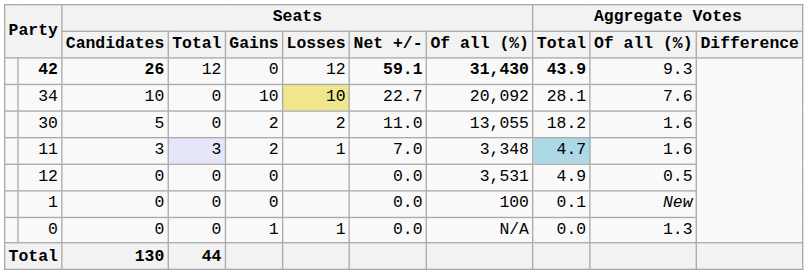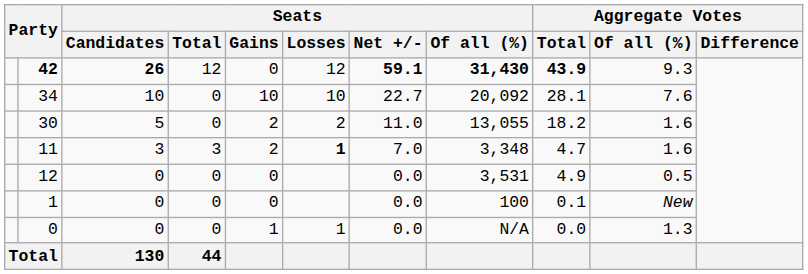 <table class="wikitable sortable" style="text-align:right; font-size:95%;">
 <tr>
 <th colspan="2" rowspan="2">Party</th>
 <th colspan="6">Seats</th>
 <th colspan="3">Aggregate Votes</th>
 </tr>
 <tr>
 <th>Candidates</th>
 <th>Total</th>
 <th>Gains</th>
 <th>Losses</th>
 <th>Net +/-</th>
 <th>Of all (%)</th>
 <th>Total</th>
 <th>Of all (%)</th>
 <th>Difference</th>
 </tr>
 <tr>
 <td></td>
 <td><strong>42</strong></td>
 <td><strong>26</strong></td>
 <td>12</td>
 <td>0</td>
 <td>12</td>
 <td><strong>59.1</strong></td>
 <td><strong>31,430</strong></td>
 <td><strong>43.9</strong></td>
 <td>9.3</td>
 </tr>
 <tr>
 <td></td>
 <td>34</td>
 <td>10</td>
 <td>0</td>
 <td>10</td>
-<td style="background: khaki;">10</td>
+<td>10</td>
 <td>22.7</td>
 <td>20,092</td>
 <td>28.1</td>
 <td>7.6</td>
 </tr>
 <tr>
 <td></td>
 <td>30</td>
 <td>5</td>
 <td>0</td>
 <td>2</td>
 <td>2</td>
 <td>11.0</td>
 <td>13,055</td>
 <td>18.2</td>
 <td>1.6</td>
 </tr>
 <tr>
 <td></td>
 <td>11</td>
 <td>3</td>
-<td style="background: lavender;">3</td>
+<td>3</td>
 <td>2</td>
-<td>1</td>
+<td><strong>1</strong></td>
 <td>7.0</td>
 <td>3,348</td>
-<td style="background: lightblue;">4.7</td>
+<td>4.7</td>
 <td>1.6</td>
 </tr>
 <tr>
 <td></td>
 <td>12</td>
 <td>0</td>
 <td>0</td>
 <td>0</td>
 <td></td>
 <td>0.0</td>
 <td>3,531</td>
 <td>4.9</td>
 <td>0.5</td>
 </tr>
 <tr>
 <td></td>
 <td>1</td>
 <td>0</td>
 <td>0</td>
 <td>0</td>
 <td></td>
 <td>0.0</td>
 <td>100</td>
 <td>0.1</td>
 <td><em>New</em></td>
 </tr>
 <tr>
 <td></td>
 <td>0</td>
 <td>0</td>
 <td>0</td>
 <td>1</td>
 <td>1</td>
 <td>0.0</td>
 <td>N/A</td>
 <td>0.0</td>
 <td>1.3</td>
 </tr>
 <tr class="sortbottom">
 <th colspan="2" style="background:#f2f2f2"><strong>Total</strong></th>
 <td style="background:#f2f2f2;"><strong>130</strong></td>
 <td style="background:#f2f2f2;"><strong>44</strong></td>
 <td style="background:#f2f2f2;"></td>
 <td style="background:#f2f2f2;"></td>
 <td style="background:#f2f2f2;"></td>
 <td style="background:#f2f2f2;"></td>
 <td style="background:#f2f2f2;"></td>
 <td style="background:#f2f2f2;"></td>
 <td style="background:#f2f2f2;"></td>
 </tr>
 </table>
